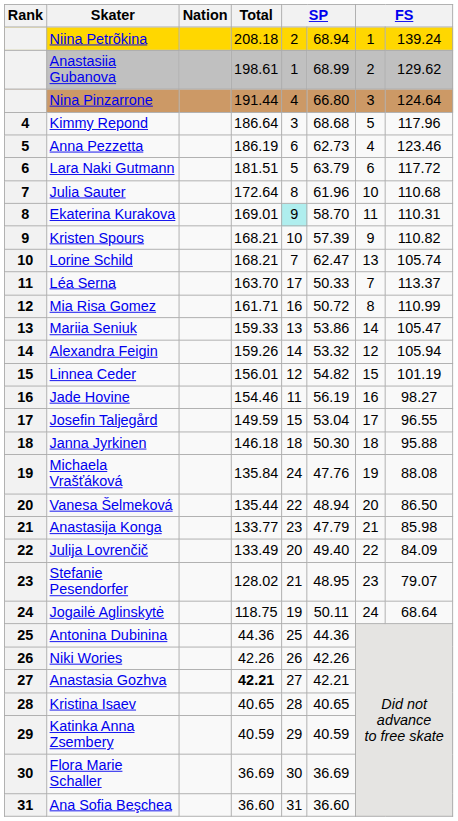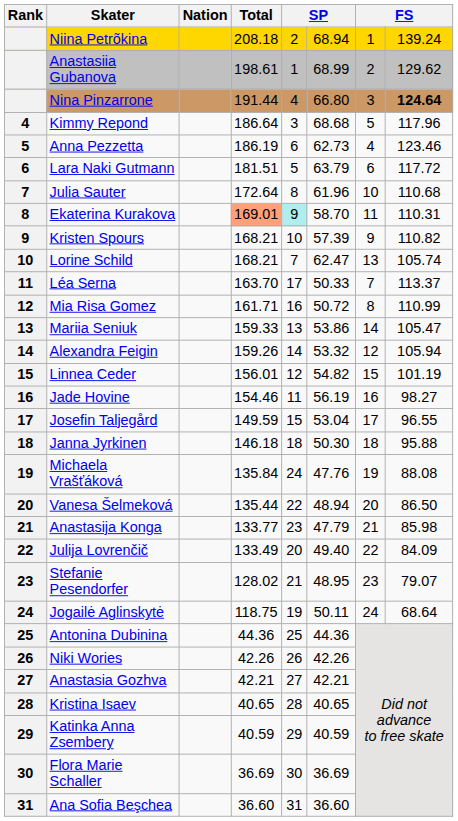 <table class="wikitable sortable" style="text-align:center; width:80%">
 <tr>
 <th scope="col">Rank</th>
 <th scope="col">Skater</th>
 <th scope="col">Nation</th>
 <th scope="col">Total</th>
 <th scope="col" colspan="2" width="80px"><a href='#'>SP</a></th>
 <th scope="col" colspan="2" width="80px"><a href='#'>FS</a></th>
 </tr>
 <tr bgcolor="gold">
 <th scope="row"></th>
 <td align="left"><a href='#'>Niina Petrõkina</a></td>
 <td align="left"></td>
 <td>208.18</td>
 <td>2</td>
 <td>68.94</td>
 <td>1</td>
 <td>139.24</td>
 </tr>
 <tr bgcolor="silver">
 <th scope="row"></th>
 <td align="left"><a href='#'>Anastasiia Gubanova</a></td>
 <td align="left"></td>
 <td>198.61</td>
 <td>1</td>
 <td>68.99</td>
 <td>2</td>
 <td>129.62</td>
 </tr>
 <tr bgcolor="#cc9966">
 <th scope="row"></th>
 <td align="left"><a href='#'>Nina Pinzarrone</a></td>
 <td align="left"></td>
 <td>191.44</td>
 <td>4</td>
 <td>66.80</td>
 <td>3</td>
-<td>124.64</td>
+<td><strong>124.64</strong></td>
 </tr>
 <tr>
 <th scope="row">4</th>
 <td align="left"><a href='#'>Kimmy Repond</a></td>
 <td align="left"></td>
 <td>186.64</td>
 <td>3</td>
 <td>68.68</td>
 <td>5</td>
 <td>117.96</td>
 </tr>
 <tr>
 <th scope="row">5</th>
 <td align="left"><a href='#'>Anna Pezzetta</a></td>
 <td align="left"></td>
 <td>186.19</td>
 <td>6</td>
 <td>62.73</td>
 <td>4</td>
 <td>123.46</td>
 </tr>
 <tr>
 <th scope="row">6</th>
 <td align="left"><a href='#'>Lara Naki Gutmann</a></td>
 <td align="left"></td>
 <td>181.51</td>
 <td>5</td>
 <td>63.79</td>
 <td>6</td>
 <td>117.72</td>
 </tr>
 <tr>
 <th scope="row">7</th>
 <td align="left"><a href='#'>Julia Sauter</a></td>
 <td align="left"></td>
 <td>172.64</td>
 <td>8</td>
 <td>61.96</td>
 <td>10</td>
 <td>110.68</td>
 </tr>
 <tr>
 <th scope="row">8</th>
 <td align="left"><a href='#'>Ekaterina Kurakova</a></td>
 <td align="left"></td>
-<td>169.01</td>
+<td style="background: lightsalmon;">169.01</td>
 <td style="background: paleturquoise;">9</td>
 <td>58.70</td>
 <td>11</td>
 <td>110.31</td>
 </tr>
 <tr>
 <th scope="row">9</th>
 <td align="left"><a href='#'>Kristen Spours</a></td>
 <td align="left"></td>
 <td>168.21</td>
 <td>10</td>
 <td>57.39</td>
 <td>9</td>
 <td>110.82</td>
 </tr>
 <tr>
 <th scope="row">10</th>
 <td align="left"><a href='#'>Lorine Schild</a></td>
 <td align="left"></td>
 <td>168.21</td>
 <td>7</td>
 <td>62.47</td>
 <td>13</td>
 <td>105.74</td>
 </tr>
 <tr>
 <th scope="row">11</th>
 <td align="left"><a href='#'>Léa Serna</a></td>
 <td align="left"></td>
 <td>163.70</td>
 <td>17</td>
 <td>50.33</td>
 <td>7</td>
 <td>113.37</td>
 </tr>
 <tr>
 <th scope="row">12</th>
 <td align="left"><a href='#'>Mia Risa Gomez</a></td>
 <td align="left"></td>
 <td>161.71</td>
 <td>16</td>
 <td>50.72</td>
 <td>8</td>
 <td>110.99</td>
 </tr>
 <tr>
 <th scope="row">13</th>
 <td align="left"><a href='#'>Mariia Seniuk</a></td>
 <td align="left"></td>
 <td>159.33</td>
 <td>13</td>
 <td>53.86</td>
 <td>14</td>
 <td>105.47</td>
 </tr>
 <tr>
 <th scope="row">14</th>
 <td align="left"><a href='#'>Alexandra Feigin</a></td>
 <td align="left"></td>
 <td>159.26</td>
 <td>14</td>
 <td>53.32</td>
 <td>12</td>
 <td>105.94</td>
 </tr>
 <tr>
 <th scope="row">15</th>
 <td align="left"><a href='#'>Linnea Ceder</a></td>
 <td align="left"></td>
 <td>156.01</td>
 <td>12</td>
 <td>54.82</td>
 <td>15</td>
 <td>101.19</td>
 </tr>
 <tr>
 <th scope="row">16</th>
 <td align="left"><a href='#'>Jade Hovine</a></td>
 <td align="left"></td>
 <td>154.46</td>
 <td>11</td>
 <td>56.19</td>
 <td>16</td>
 <td>98.27</td>
 </tr>
 <tr>
 <th scope="row">17</th>
 <td align="left"><a href='#'>Josefin Taljegård</a></td>
 <td align="left"></td>
 <td>149.59</td>
 <td>15</td>
 <td>53.04</td>
 <td>17</td>
 <td>96.55</td>
 </tr>
 <tr>
 <th scope="row">18</th>
 <td align="left"><a href='#'>Janna Jyrkinen</a></td>
 <td align="left"></td>
 <td>146.18</td>
 <td>18</td>
 <td>50.30</td>
 <td>18</td>
 <td>95.88</td>
 </tr>
 <tr>
 <th scope="row">19</th>
 <td align="left"><a href='#'>Michaela Vrašťáková</a></td>
 <td align="left"></td>
 <td>135.84</td>
 <td>24</td>
 <td>47.76</td>
 <td>19</td>
 <td>88.08</td>
 </tr>
 <tr>
 <th scope="row">20</th>
 <td align="left"><a href='#'>Vanesa Šelmeková</a></td>
 <td align="left"></td>
 <td>135.44</td>
 <td>22</td>
 <td>48.94</td>
 <td>20</td>
 <td>86.50</td>
 </tr>
 <tr>
 <th scope="row">21</th>
 <td align="left"><a href='#'>Anastasija Konga</a></td>
 <td align="left"></td>
 <td>133.77</td>
 <td>23</td>
 <td>47.79</td>
 <td>21</td>
 <td>85.98</td>
 </tr>
 <tr>
 <th scope="row">22</th>
 <td align="left"><a href='#'>Julija Lovrenčič</a></td>
 <td align="left"></td>
 <td>133.49</td>
 <td>20</td>
 <td>49.40</td>
 <td>22</td>
 <td>84.09</td>
 </tr>
 <tr>
 <th scope="row">23</th>
 <td align="left"><a href='#'>Stefanie Pesendorfer</a></td>
 <td align="left"></td>
 <td>128.02</td>
 <td>21</td>
 <td>48.95</td>
 <td>23</td>
 <td>79.07</td>
 </tr>
 <tr>
 <th scope="row">24</th>
 <td align="left"><a href='#'>Jogailė Aglinskytė</a></td>
 <td align="left"></td>
 <td>118.75</td>
 <td>19</td>
 <td>50.11</td>
 <td>24</td>
 <td>68.64</td>
 </tr>
 <tr>
 <th scope="row">25</th>
 <td align="left"><a href='#'>Antonina Dubinina</a></td>
 <td align="left"></td>
 <td>44.36</td>
 <td>25</td>
 <td>44.36</td>
 <td colspan="2" rowspan="7" bgcolor="e5e4e2"><em>Did not advance<br>to free skate</em></td>
 </tr>
 <tr>
 <th scope="row">26</th>
 <td align="left"><a href='#'>Niki Wories</a></td>
 <td align="left"></td>
 <td>42.26</td>
 <td>26</td>
 <td>42.26</td>
 </tr>
 <tr>
 <th scope="row">27</th>
 <td align="left"><a href='#'>Anastasia Gozhva</a></td>
 <td align="left"></td>
-<td><strong>42.21</strong></td>
+<td>42.21</td>
 <td>27</td>
 <td>42.21</td>
 </tr>
 <tr>
 <th scope="row">28</th>
 <td align="left"><a href='#'>Kristina Isaev</a></td>
 <td align="left"></td>
 <td>40.65</td>
 <td>28</td>
 <td>40.65</td>
 </tr>
 <tr>
 <th scope="row">29</th>
 <td align="left"><a href='#'>Katinka Anna Zsembery</a></td>
 <td align="left"></td>
 <td>40.59</td>
 <td>29</td>
 <td>40.59</td>
 </tr>
 <tr>
 <th scope="row">30</th>
 <td align="left"><a href='#'>Flora Marie Schaller</a></td>
 <td align="left"></td>
 <td>36.69</td>
 <td>30</td>
 <td>36.69</td>
 </tr>
 <tr>
 <th scope="row">31</th>
 <td align="left"><a href='#'>Ana Sofia Beşchea</a></td>
 <td align="left"></td>
 <td>36.60</td>
 <td>31</td>
 <td>36.60</td>
 </tr>
 </table>
